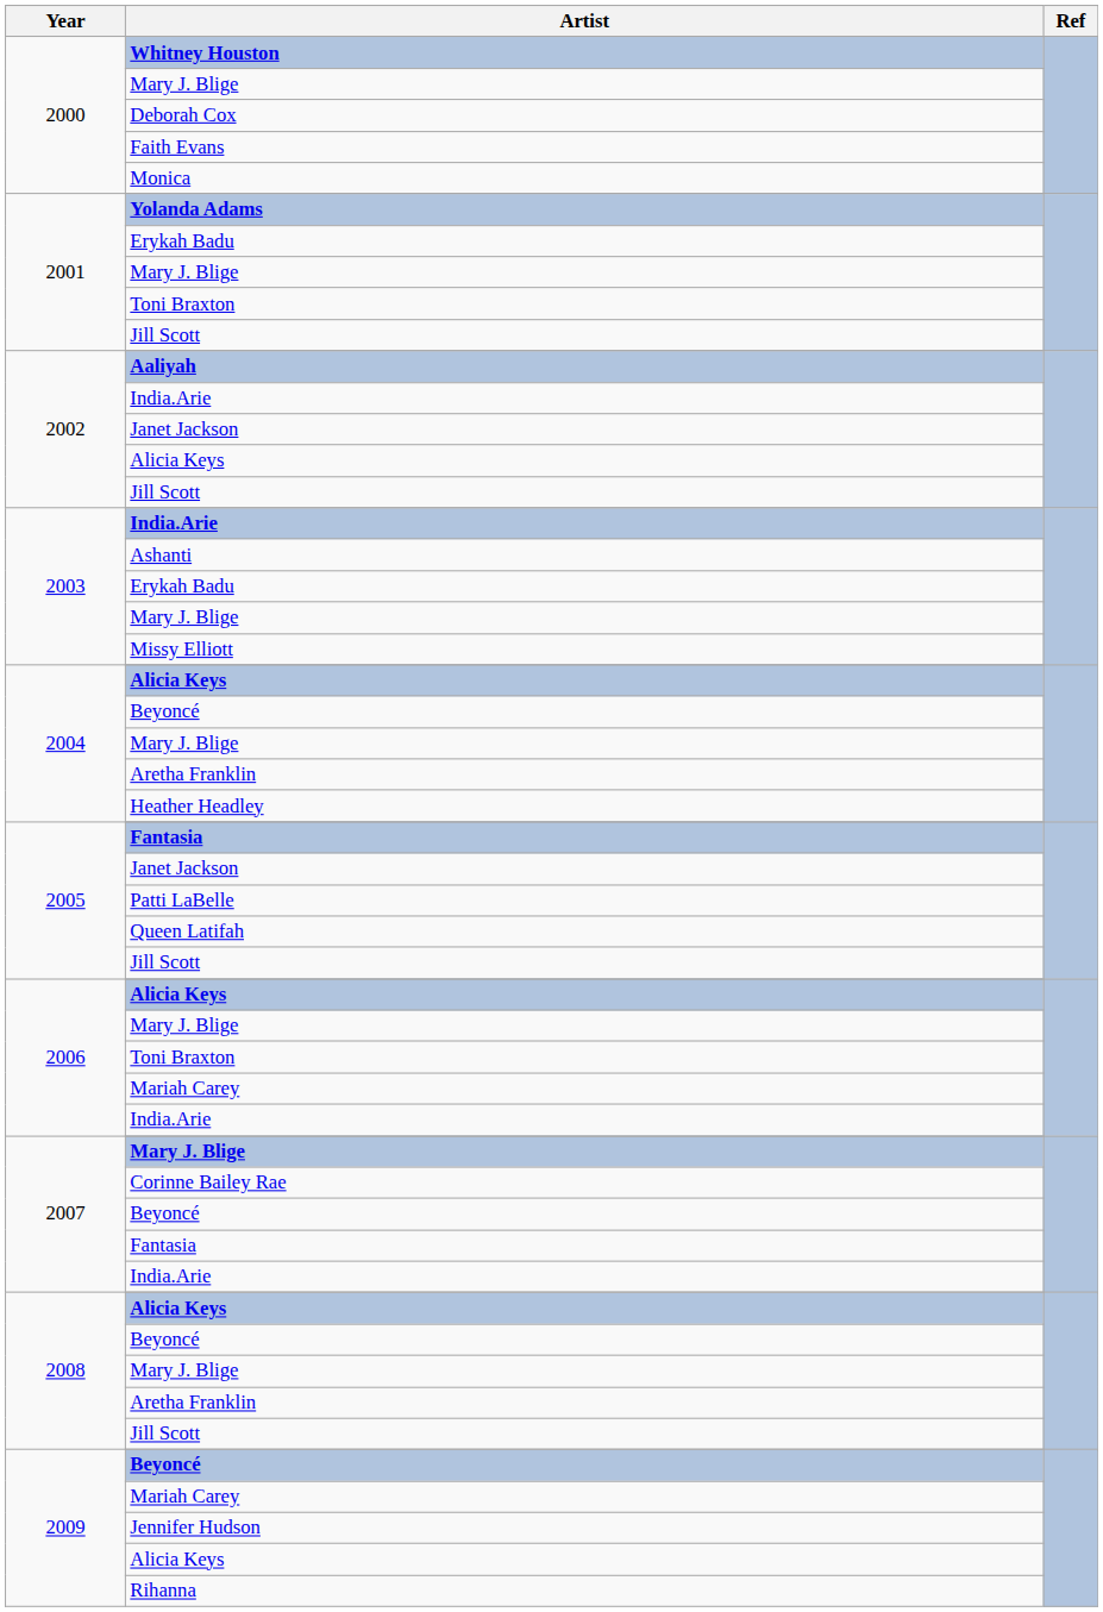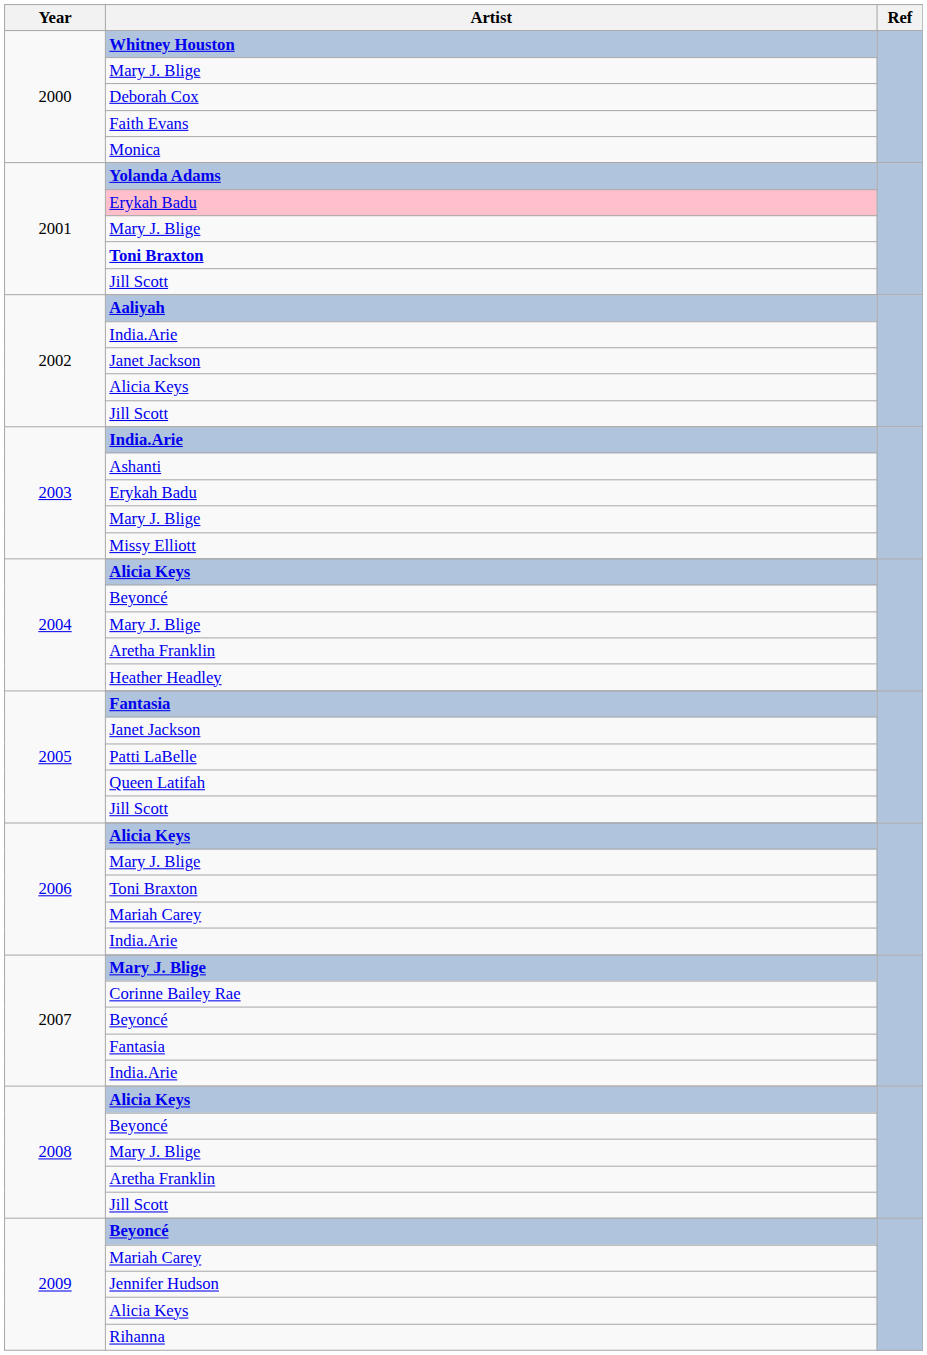 <table class="wikitable" style="width:100%;">
 <tr style="background:#bebebe;">
 <th style="width:11%;">Year</th>
 <th style="width:84%;">Artist</th>
 <th style="width:5%;">Ref</th>
 </tr>
 <tr>
 <td rowspan="6" align="center">2000</td>
 </tr>
 <tr style="background:#B0C4DE">
 <td><strong><a href='#'>Whitney Houston</a></strong></td>
 <td rowspan="6" align="center"></td>
 </tr>
 <tr>
 <td><a href='#'>Mary J. Blige</a></td>
 </tr>
 <tr>
 <td><a href='#'>Deborah Cox</a></td>
 </tr>
 <tr>
 <td><a href='#'>Faith Evans</a></td>
 </tr>
 <tr>
 <td><a href='#'>Monica</a></td>
 </tr>
 <tr>
 <td rowspan="6" align="center">2001</td>
 </tr>
 <tr style="background:#B0C4DE">
 <td><strong><a href='#'>Yolanda Adams</a></strong></td>
 <td rowspan="6" align="center"></td>
 </tr>
 <tr>
-<td><a href='#'>Erykah Badu</a></td>
+<td style="background: pink;"><a href='#'>Erykah Badu</a></td>
 </tr>
 <tr>
 <td><a href='#'>Mary J. Blige</a></td>
 </tr>
 <tr>
-<td><a href='#'>Toni Braxton</a></td>
+<td><strong><a href='#'>Toni Braxton</a></strong></td>
 </tr>
 <tr>
 <td><a href='#'>Jill Scott</a></td>
 </tr>
 <tr>
 <td rowspan="6" align="center">2002</td>
 </tr>
 <tr style="background:#B0C4DE">
 <td><strong><a href='#'>Aaliyah</a></strong></td>
 <td rowspan="6" align="center"></td>
 </tr>
 <tr>
 <td><a href='#'>India.Arie</a></td>
 </tr>
 <tr>
 <td><a href='#'>Janet Jackson</a></td>
 </tr>
 <tr>
 <td><a href='#'>Alicia Keys</a></td>
 </tr>
 <tr>
 <td><a href='#'>Jill Scott</a></td>
 </tr>
 <tr>
 <td rowspan="6" align="center"><a href='#'>2003</a></td>
 </tr>
 <tr style="background:#B0C4DE">
 <td><strong><a href='#'>India.Arie</a></strong></td>
 <td rowspan="6" align="center"></td>
 </tr>
 <tr>
 <td><a href='#'>Ashanti</a></td>
 </tr>
 <tr>
 <td><a href='#'>Erykah Badu</a></td>
 </tr>
 <tr>
 <td><a href='#'>Mary J. Blige</a></td>
 </tr>
 <tr>
 <td><a href='#'>Missy Elliott</a></td>
 </tr>
 <tr>
 <td rowspan="6" align="center"><a href='#'>2004</a></td>
 </tr>
 <tr style="background:#B0C4DE">
 <td><strong><a href='#'>Alicia Keys</a></strong></td>
 <td rowspan="6" align="center"></td>
 </tr>
 <tr>
 <td><a href='#'>Beyoncé</a></td>
 </tr>
 <tr>
 <td><a href='#'>Mary J. Blige</a></td>
 </tr>
 <tr>
 <td><a href='#'>Aretha Franklin</a></td>
 </tr>
 <tr>
 <td><a href='#'>Heather Headley</a></td>
 </tr>
 <tr>
 <td rowspan="6" align="center"><a href='#'>2005</a></td>
 </tr>
 <tr style="background:#B0C4DE">
 <td><strong><a href='#'>Fantasia</a></strong></td>
 <td rowspan="6" align="center"></td>
 </tr>
 <tr>
 <td><a href='#'>Janet Jackson</a></td>
 </tr>
 <tr>
 <td><a href='#'>Patti LaBelle</a></td>
 </tr>
 <tr>
 <td><a href='#'>Queen Latifah</a></td>
 </tr>
 <tr>
 <td><a href='#'>Jill Scott</a></td>
 </tr>
 <tr>
 <td rowspan="6" align="center"><a href='#'>2006</a></td>
 </tr>
 <tr style="background:#B0C4DE">
 <td><strong><a href='#'>Alicia Keys</a></strong></td>
 <td rowspan="6" align="center"></td>
 </tr>
 <tr>
 <td><a href='#'>Mary J. Blige</a></td>
 </tr>
 <tr>
 <td><a href='#'>Toni Braxton</a></td>
 </tr>
 <tr>
 <td><a href='#'>Mariah Carey</a></td>
 </tr>
 <tr>
 <td><a href='#'>India.Arie</a></td>
 </tr>
 <tr>
 <td rowspan="6" align="center">2007</td>
 </tr>
 <tr style="background:#B0C4DE">
 <td><strong><a href='#'>Mary J. Blige</a></strong></td>
 <td rowspan="6" align="center"></td>
 </tr>
 <tr>
 <td><a href='#'>Corinne Bailey Rae</a></td>
 </tr>
 <tr>
 <td><a href='#'>Beyoncé</a></td>
 </tr>
 <tr>
 <td><a href='#'>Fantasia</a></td>
 </tr>
 <tr>
 <td><a href='#'>India.Arie</a></td>
 </tr>
 <tr>
 <td rowspan="6" align="center"><a href='#'>2008</a></td>
 </tr>
 <tr style="background:#B0C4DE">
 <td><strong><a href='#'>Alicia Keys</a></strong></td>
 <td rowspan="6" align="center"></td>
 </tr>
 <tr>
 <td><a href='#'>Beyoncé</a></td>
 </tr>
 <tr>
 <td><a href='#'>Mary J. Blige</a></td>
 </tr>
 <tr>
 <td><a href='#'>Aretha Franklin</a></td>
 </tr>
 <tr>
 <td><a href='#'>Jill Scott</a></td>
 </tr>
 <tr>
 <td rowspan="6" align="center"><a href='#'>2009</a></td>
 </tr>
 <tr style="background:#B0C4DE">
 <td><strong><a href='#'>Beyoncé</a></strong></td>
 <td rowspan="6" align="center"></td>
 </tr>
 <tr>
 <td><a href='#'>Mariah Carey</a></td>
 </tr>
 <tr>
 <td><a href='#'>Jennifer Hudson</a></td>
 </tr>
 <tr>
 <td><a href='#'>Alicia Keys</a></td>
 </tr>
 <tr>
 <td><a href='#'>Rihanna</a></td>
 </tr>
 </table>
